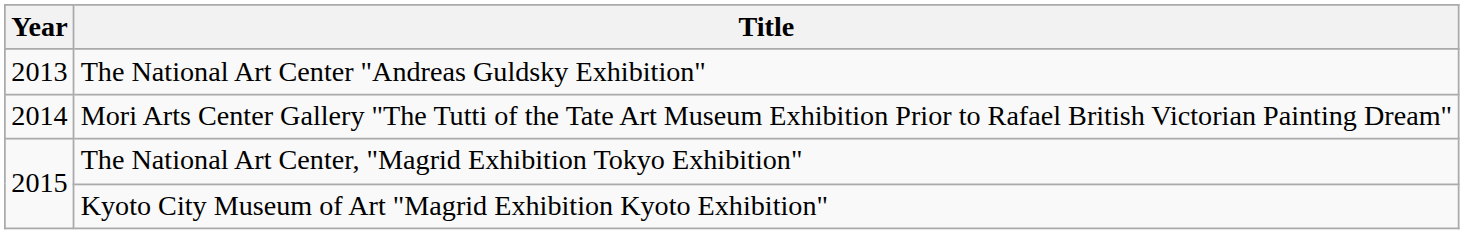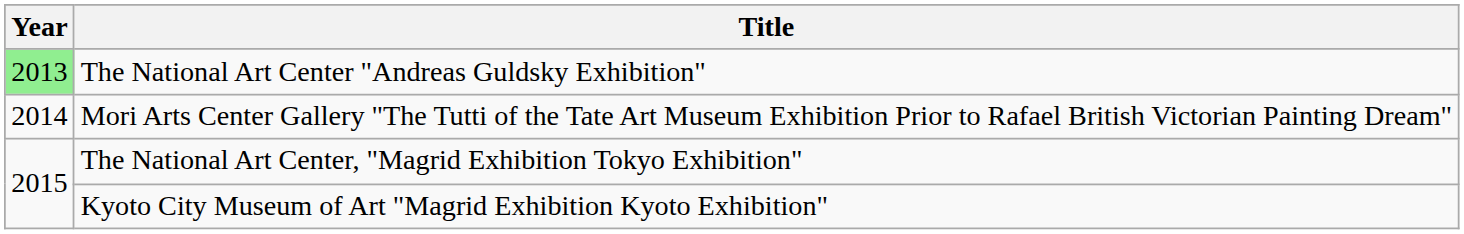 <table class="wikitable">
 <tr>
 <th>Year</th>
 <th>Title</th>
 </tr>
 <tr>
-<td>2013</td>
+<td style="background: lightgreen;">2013</td>
 <td>The National Art Center "Andreas Guldsky Exhibition"</td>
 </tr>
 <tr>
 <td>2014</td>
 <td>Mori Arts Center Gallery "The Tutti of the Tate Art Museum Exhibition Prior to Rafael British Victorian Painting Dream"</td>
 </tr>
 <tr>
 <td rowspan="2">2015</td>
 <td>The National Art Center, "Magrid Exhibition Tokyo Exhibition"</td>
 </tr>
 <tr>
 <td>Kyoto City Museum of Art "Magrid Exhibition Kyoto Exhibition"</td>
 </tr>
 </table>
